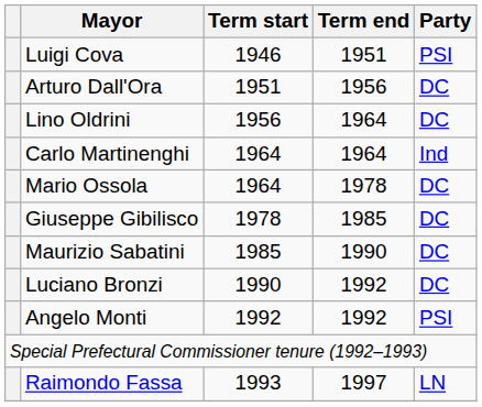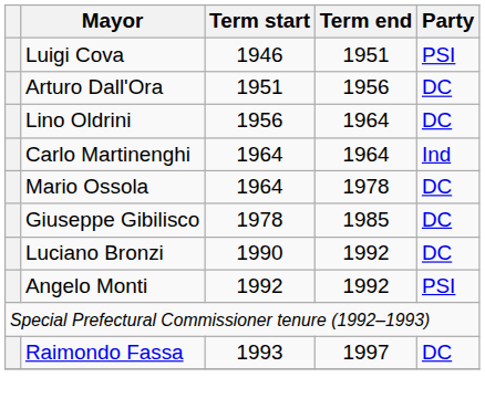 <table class="wikitable">
 <tr>
 <th class=unsortable> </th>
 <th>Mayor</th>
 <th>Term start</th>
 <th>Term end</th>
 <th>Party</th>
 </tr>
 <tr>
 <th style="background:"></th>
 <td>Luigi Cova</td>
 <td align=center>1946</td>
 <td align=center>1951</td>
 <td><a href='#'>PSI</a></td>
 </tr>
 <tr>
 <th style="background:"></th>
 <td>Arturo Dall'Ora</td>
 <td align=center>1951</td>
 <td align=center>1956</td>
 <td><a href='#'>DC</a></td>
 </tr>
 <tr>
 <th style="background:"></th>
 <td>Lino Oldrini</td>
 <td align=center>1956</td>
 <td align=center>1964</td>
 <td><a href='#'>DC</a></td>
 </tr>
 <tr>
 <th style="background:"></th>
 <td>Carlo Martinenghi</td>
 <td align=center>1964</td>
 <td align=center>1964</td>
 <td><a href='#'>Ind</a></td>
 </tr>
 <tr>
 <th style="background:"></th>
 <td>Mario Ossola</td>
 <td align=center>1964</td>
 <td align=center>1978</td>
 <td><a href='#'>DC</a></td>
 </tr>
 <tr>
 <th style="background:"></th>
 <td>Giuseppe Gibilisco</td>
 <td align=center>1978</td>
 <td align=center>1985</td>
 <td><a href='#'>DC</a></td>
 </tr>
 <tr>
 <th style="background:"></th>
-<td>Maurizio Sabatini</td>
-<td align=center>1985</td>
-<td align=center>1990</td>
-<td><a href='#'>DC</a></td>
-</tr>
-<tr>
-<th style="background:"></th>
 <td>Luciano Bronzi</td>
 <td align=center>1990</td>
 <td align=center>1992</td>
 <td><a href='#'>DC</a></td>
 </tr>
 <tr>
 <th style="background:"></th>
 <td>Angelo Monti</td>
 <td align=center>1992</td>
 <td align=center>1992</td>
 <td><a href='#'>PSI</a></td>
 </tr>
 <tr>
 <td colspan=5><small><em>Special Prefectural Commissioner tenure (1992–1993)</em></small></td>
 </tr>
 <tr>
 <th style="background:"></th>
 <td><a href='#'>Raimondo Fassa</a></td>
 <td align=center>1993</td>
 <td align=center>1997</td>
-<td><a href='#'>LN</a></td>
+<td><a href='#'>DC</a></td>
 </tr>
 <tr>
 </tr>
 </table>
